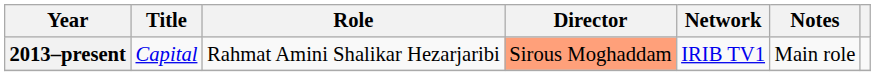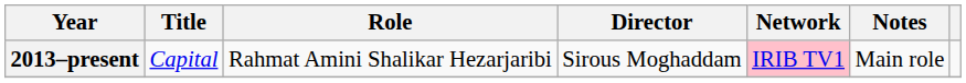 <table class="wikitable plainrowheaders sortable" style="font-size:100%">
 <tr>
 <th scope="col">Year</th>
 <th scope="col">Title</th>
 <th scope="col">Role</th>
 <th scope="col">Director</th>
 <th class="unsortable" scope="col">Network</th>
 <th scope="col">Notes</th>
 <th class="unsortable" scope="col"></th>
 </tr>
 <tr>
 <th scope="row">2013–present</th>
 <td><a href='#'><em>Capital</em></a></td>
 <td>Rahmat Amini Shalikar Hezarjaribi</td>
-<td style="background: lightsalmon;">Sirous Moghaddam</td>
-<td><a href='#'>IRIB TV1</a></td>
+<td>Sirous Moghaddam</td>
+<td style="background: pink;"><a href='#'>IRIB TV1</a></td>
 <td>Main role</td>
 <td></td>
 </tr>
 <tr>
 </tr>
 </table>
